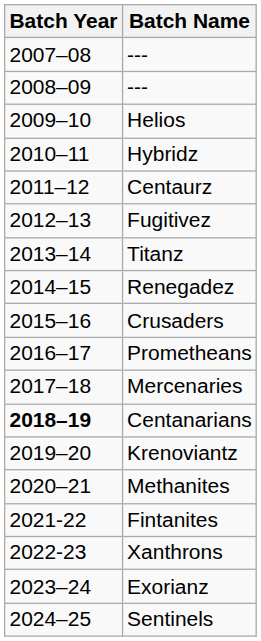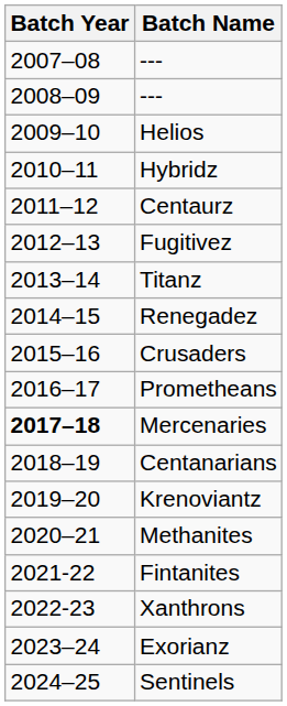 <table class="wikitable">
 <tr>
 <th>Batch Year</th>
 <th>Batch Name</th>
 </tr>
 <tr>
 <td>2007–08</td>
 <td>---</td>
 </tr>
 <tr>
 <td>2008–09</td>
 <td>---</td>
 </tr>
 <tr>
 <td>2009–10</td>
 <td>Helios</td>
 </tr>
 <tr>
 <td>2010–11</td>
 <td>Hybridz</td>
 </tr>
 <tr>
 <td>2011–12</td>
 <td>Centaurz</td>
 </tr>
 <tr>
 <td>2012–13</td>
 <td>Fugitivez</td>
 </tr>
 <tr>
 <td>2013–14</td>
 <td>Titanz</td>
 </tr>
 <tr>
 <td>2014–15</td>
 <td>Renegadez</td>
 </tr>
 <tr>
 <td>2015–16</td>
 <td>Crusaders</td>
 </tr>
 <tr>
 <td>2016–17</td>
 <td>Prometheans</td>
 </tr>
 <tr>
-<td>2017–18</td>
+<td><strong>2017–18</strong></td>
 <td>Mercenaries</td>
 </tr>
 <tr>
-<td><strong>2018–19</strong></td>
+<td>2018–19</td>
 <td>Centanarians</td>
 </tr>
 <tr>
 <td>2019–20</td>
 <td>Krenoviantz</td>
 </tr>
 <tr>
 <td>2020–21</td>
 <td>Methanites</td>
 </tr>
 <tr>
 <td>2021-22</td>
 <td>Fintanites</td>
 </tr>
 <tr>
 <td>2022-23</td>
 <td>Xanthrons</td>
 </tr>
 <tr>
 <td>2023–24</td>
 <td>Exorianz</td>
 </tr>
 <tr>
 <td>2024–25</td>
 <td>Sentinels</td>
 </tr>
 </table>
